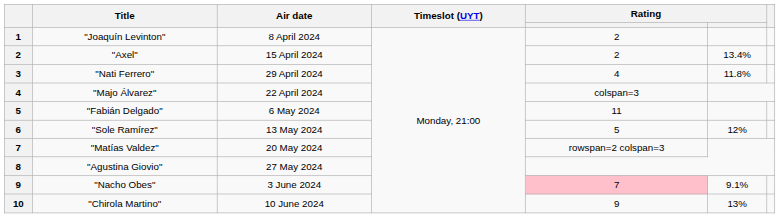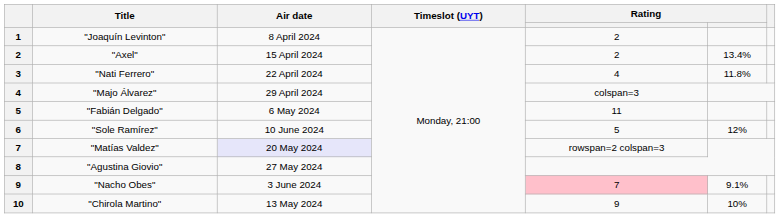 <table class="sortable wikitable plainrowheaders mw-collapsible" style=" text-align:center; line-height:23px; width:100%;">
 <tr>
 <th rowspan=2 class="unsortable"></th>
 <th rowspan=2 class="unsortable" width=24%>Title</th>
 <th rowspan=2 class="unsortable" width=20%>Air date</th>
 <th rowspan=2 class="unsortable" width=20%>Timeslot (<a href='#'>UYT</a>)</th>
 <th colspan=2>Rating</th>
 <th rowspan=2 class="unsortable"></th>
 </tr>
 <tr>
 <th class="unsortable"></th>
 <th></th>
 </tr>
 <tr>
 <th>1</th>
 <td>"Joaquín Levinton"</td>
 <td>8 April 2024</td>
 <td rowspan="10">Monday, 21:00</td>
 <td>2</td>
 <td></td>
 <td></td>
 </tr>
 <tr>
 <th>2</th>
 <td>"Axel"</td>
 <td>15 April 2024</td>
 <td>2</td>
 <td>13.4%</td>
 <td></td>
 </tr>
 <tr>
 <th>3</th>
 <td>"Nati Ferrero"</td>
-<td>29 April 2024</td>
+<td>22 April 2024</td>
 <td>4</td>
 <td>11.8%</td>
 <td></td>
 </tr>
 <tr>
 <th>4</th>
 <td>"Majo Álvarez"</td>
-<td>22 April 2024</td>
+<td>29 April 2024</td>
 <td>colspan=3 </td>
 </tr>
 <tr>
 <th>5</th>
 <td>"Fabián Delgado"</td>
 <td>6 May 2024</td>
 <td>11</td>
 <td></td>
 <td></td>
 </tr>
 <tr>
 <th>6</th>
 <td>"Sole Ramírez"</td>
-<td>13 May 2024</td>
+<td>10 June 2024</td>
 <td>5</td>
 <td>12%</td>
 <td></td>
 </tr>
 <tr>
 <th>7</th>
 <td>"Matías Valdez"</td>
-<td>20 May 2024</td>
+<td style="background: lavender;">20 May 2024</td>
 <td>rowspan=2 colspan=3 </td>
 </tr>
 <tr>
 <th>8</th>
 <td>"Agustina Giovio"</td>
 <td>27 May 2024</td>
 </tr>
 <tr>
 <th>9</th>
 <td>"Nacho Obes"</td>
 <td>3 June 2024</td>
 <td style="background: pink;">7</td>
 <td>9.1%</td>
 <td></td>
 </tr>
 <tr>
 <th>10</th>
 <td>"Chirola Martino"</td>
-<td>10 June 2024</td>
+<td>13 May 2024</td>
 <td>9</td>
-<td>13%</td>
+<td>10%</td>
 <td></td>
 </tr>
 </table>
